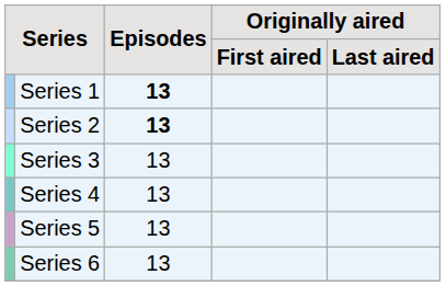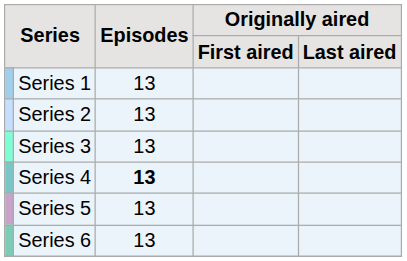 <table class="wikitable plainrowheaders" style="text-align:center; background:#EBF4FA;">
 <tr>
 <th colspan="2" rowspan="2" style="background:#E5E4E2">Series</th>
 <th rowspan="2" style="background:#E5E4E2">Episodes</th>
 <th colspan="2" style="background:#E5E4E2">Originally aired</th>
 </tr>
 <tr>
 <th style="background:#E5E4E2">First aired</th>
 <th style="background:#E5E4E2">Last aired</th>
 </tr>
 <tr>
 <th style="background:#A0CFEC"></th>
 <td>Series 1</td>
-<td><strong>13</strong></td>
+<td>13</td>
 <td></td>
 <td></td>
 </tr>
 <tr>
 <th style="background:#C6DEFF"></th>
 <td>Series 2</td>
-<td><strong>13</strong></td>
+<td>13</td>
 <td></td>
 <td></td>
 </tr>
 <tr>
 <th style="background:#7FFFD4"></th>
 <td>Series 3</td>
 <td>13</td>
 <td></td>
 <td></td>
 </tr>
 <tr>
 <th style="background:#78C7C7"></th>
 <td>Series 4</td>
-<td>13</td>
+<td><strong>13</strong></td>
 <td></td>
 <td></td>
 </tr>
 <tr>
 <th style="background:#C8A2C8"></th>
 <td>Series 5</td>
 <td>13</td>
 <td></td>
 <td></td>
 </tr>
 <tr>
 <th style="background:#7BCCB5"></th>
 <td>Series 6</td>
 <td>13</td>
 <td></td>
 <td></td>
 </tr>
 <tr>
 </tr>
 </table>
